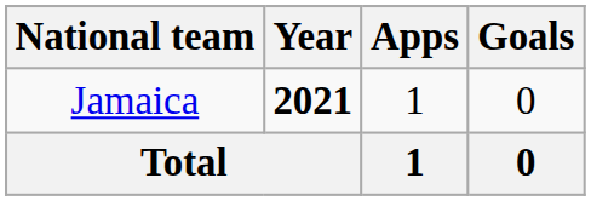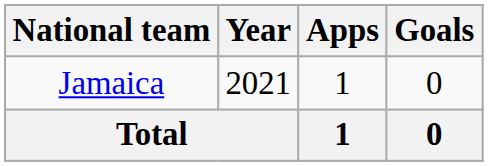 <table class=wikitable style="text-align: center">
 <tr>
 <th>National team</th>
 <th>Year</th>
 <th>Apps</th>
 <th>Goals</th>
 </tr>
 <tr>
 <td rowspan="1"><a href='#'>Jamaica</a></td>
-<td><strong>2021</strong></td>
+<td>2021</td>
 <td>1</td>
 <td>0</td>
 </tr>
 <tr>
 <th colspan="2">Total</th>
 <th>1</th>
 <th>0</th>
 </tr>
 </table>
